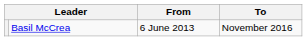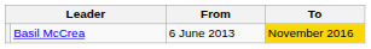 <table class="wikitable">
 <tr>
 <th colspan=2>Leader</th>
 <th>From</th>
 <th>To</th>
 </tr>
 <tr>
 <th style="background:"></th>
 <td style="width:200px;"><a href='#'>Basil McCrea</a></td>
 <td style="width:125px;">6 June 2013</td>
-<td style="width:125px;">November 2016</td>
+<td style="background: gold; width:125px;">November 2016</td>
 </tr>
 </table>
